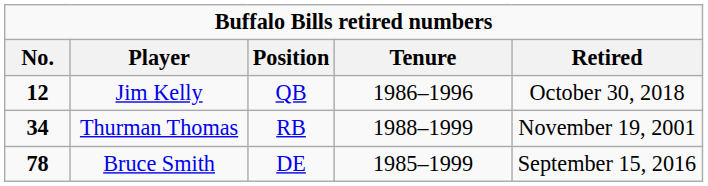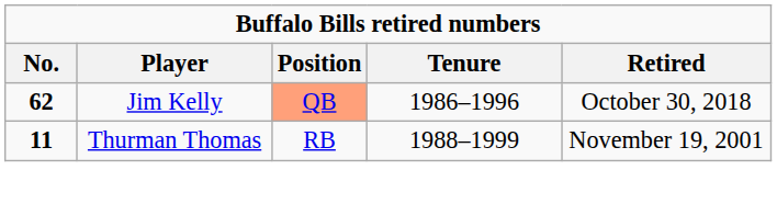 <table class="wikitable" style="text-align:center">
 <tr>
 <td colspan="5"><strong>Buffalo Bills retired numbers</strong></td>
 </tr>
 <tr>
 <th width=40px>No.</th>
 <th width=120px>Player</th>
 <th width=40px>Position</th>
 <th width=120px>Tenure</th>
 <th width=130px>Retired</th>
 </tr>
 <tr>
-<td><strong>12</strong></td>
+<td><strong>62</strong></td>
 <td><a href='#'>Jim Kelly</a></td>
-<td><a href='#'>QB</a></td>
+<td style="background: lightsalmon;"><a href='#'>QB</a></td>
 <td>1986–1996</td>
 <td>October 30, 2018</td>
 </tr>
 <tr>
-<td><strong>34</strong></td>
+<td><strong>11</strong></td>
 <td><a href='#'>Thurman Thomas</a></td>
 <td><a href='#'>RB</a></td>
 <td>1988–1999</td>
 <td>November 19, 2001</td>
 </tr>
-<tr>
-<td><strong>78</strong></td>
-<td><a href='#'>Bruce Smith</a></td>
-<td><a href='#'>DE</a></td>
-<td>1985–1999</td>
-<td>September 15, 2016</td>
-</tr>
 </table>
